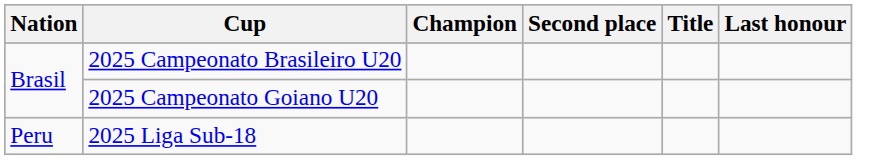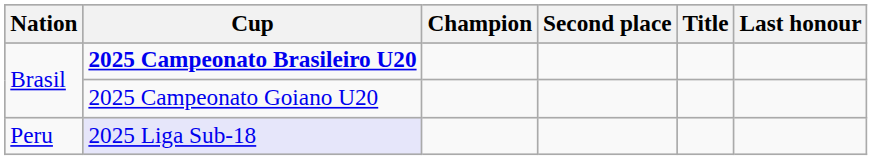 <table class=wikitable style="font-size:14px">
 <tr>
 <th>Nation</th>
 <th>Cup</th>
 <th>Champion</th>
 <th>Second place</th>
 <th data-sort-type="number">Title</th>
 <th>Last honour</th>
 </tr>
 <tr>
 <td rowspan=2> <a href='#'>Brasil</a></td>
-<td><a href='#'>2025 Campeonato Brasileiro U20</a></td>
+<td><strong><a href='#'>2025 Campeonato Brasileiro U20</a></strong></td>
 <td></td>
 <td></td>
 <td></td>
 <td></td>
 </tr>
 <tr>
 <td><a href='#'>2025 Campeonato Goiano U20</a></td>
 <td></td>
 <td></td>
 <td></td>
 <td></td>
 </tr>
 <tr>
 <td rowspan=2> <a href='#'>Peru</a></td>
-<td><a href='#'>2025 Liga Sub-18</a></td>
+<td style="background: lavender;"><a href='#'>2025 Liga Sub-18</a></td>
 <td></td>
 <td></td>
 <td></td>
 <td></td>
 </tr>
 </table>
